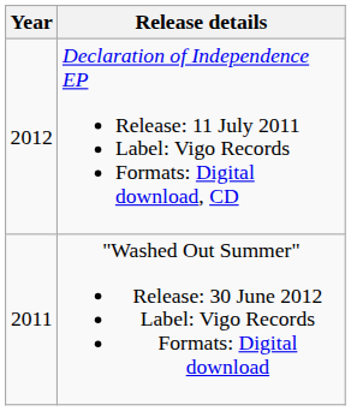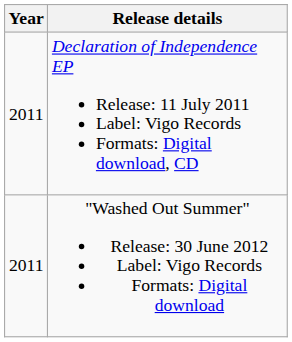 <table class="wikitable" style="text-align:center;">
 <tr>
 <th>Year</th>
 <th style="width:210px;">Release details</th>
 </tr>
 <tr>
-<td>2012</td>
+<td>2011</td>
 <td align=left><em><a href='#'>Declaration of Independence EP</a></em><br><ul><li>Release: 11 July 2011</li><li>Label: Vigo Records</li><li>Formats: <a href='#'>Digital download</a>, <a href='#'>CD</a></li></ul></td>
 </tr>
 <tr>
 <td>2011</td>
 <td align=below>"Washed Out Summer"<br><ul><li>Release: 30 June 2012</li><li>Label: Vigo Records</li><li>Formats: <a href='#'>Digital download</a></li></ul></td>
 </tr>
 </table>
